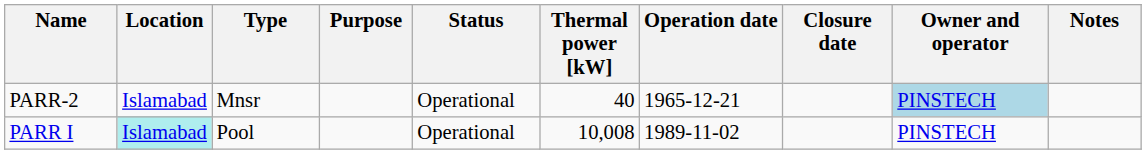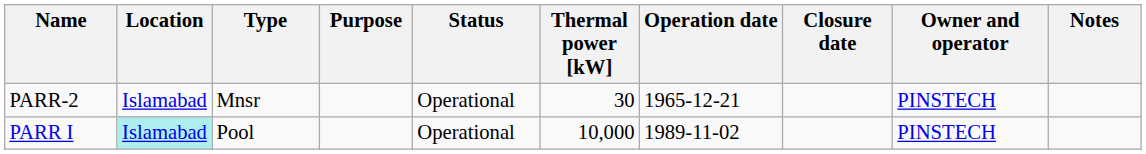 <table class="wikitable" >
 <tr valign="top">
 <th width="80">Name</th>
 <th width="65">Location</th>
 <th width="76">Type</th>
 <th width="65">Purpose</th>
 <th width="91">Status</th>
 <th width="70“">Thermal power [kW]</th>
 <th width=„67“>Operation date</th>
 <th width="78“">Closure date</th>
 <th width="113“">Owner and operator</th>
 <th width="65">Notes</th>
 </tr>
 <tr valign="top">
 <td>PARR-2</td>
 <td><a href='#'>Islamabad</a></td>
 <td>Mnsr</td>
 <td></td>
 <td>Operational</td>
-<td align="right">40</td>
+<td align="right">30</td>
 <td>1965-12-21</td>
 <td></td>
-<td style="background: lightblue;"><a href='#'>PINSTECH</a></td>
+<td><a href='#'>PINSTECH</a></td>
 <td></td>
 </tr>
 <tr valign="top">
 <td><a href='#'>PARR I</a></td>
 <td style="background: paleturquoise;"><a href='#'>Islamabad</a></td>
 <td>Pool</td>
 <td></td>
 <td>Operational</td>
-<td align="right">10,008</td>
+<td align="right">10,000</td>
 <td>1989-11-02</td>
 <td></td>
 <td><a href='#'>PINSTECH</a></td>
 <td></td>
 </tr>
 </table>
